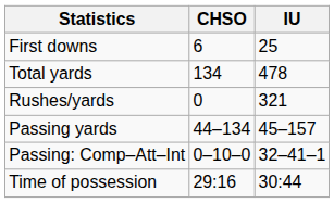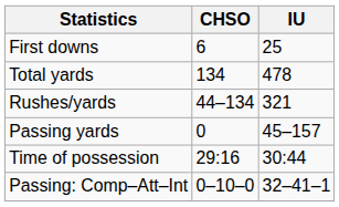 <table class="wikitable" style="float: left;">
 <tr>
 <th>Statistics</th>
 <th>CHSO</th>
 <th>IU</th>
 </tr>
 <tr>
 <td>First downs</td>
 <td>6</td>
 <td>25</td>
 </tr>
 <tr>
 <td>Total yards</td>
 <td>134</td>
 <td>478</td>
 </tr>
 <tr>
 <td>Rushes/yards</td>
-<td>0</td>
+<td>44–134</td>
 <td>321</td>
 </tr>
 <tr>
 <td>Passing yards</td>
-<td>44–134</td>
+<td>0</td>
 <td>45–157</td>
+</tr>
+<tr>
+<td>Time of possession</td>
+<td>29:16</td>
+<td>30:44</td>
 </tr>
 <tr>
 <td>Passing: Comp–Att–Int</td>
 <td>0–10–0</td>
 <td>32–41–1</td>
 </tr>
 <tr>
-<td>Time of possession</td>
-<td>29:16</td>
-<td>30:44</td>
-</tr>
-<tr>
 </tr>
 </table>
